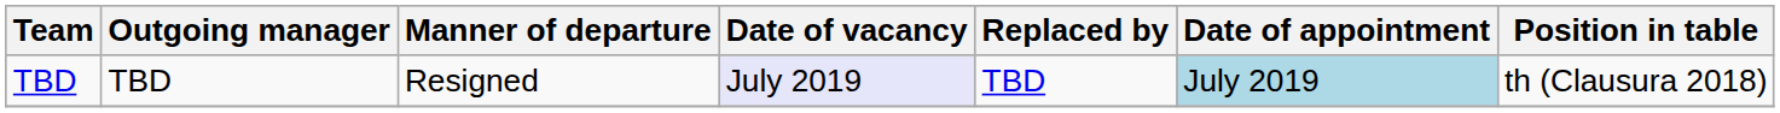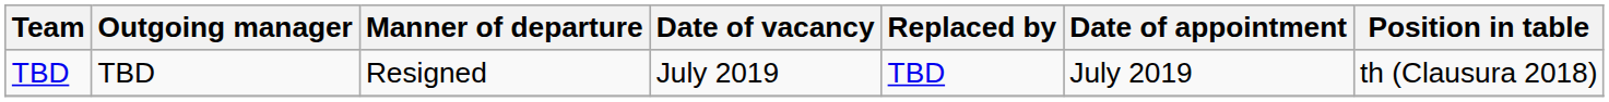 <table class="wikitable">
 <tr>
 <th>Team</th>
 <th>Outgoing manager</th>
 <th>Manner of departure</th>
 <th>Date of vacancy</th>
 <th>Replaced by</th>
 <th>Date of appointment</th>
 <th>Position in table</th>
 </tr>
 <tr>
 <td><a href='#'>TBD</a></td>
 <td> TBD</td>
 <td>Resigned</td>
-<td style="background: lavender;">July 2019</td>
+<td>July 2019</td>
 <td> <a href='#'>TBD</a></td>
-<td style="background: lightblue;">July 2019</td>
+<td>July 2019</td>
 <td>th (Clausura 2018)</td>
 </tr>
 <tr>
 </tr>
 </table>
